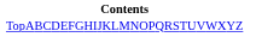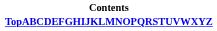 <table id="toc" border="0" style="text-align:center;">
 <tr>
 <th>Contents</th>
 </tr>
 <tr>
-<td><a href='#'>Top</a><a href='#'>A</a><a href='#'>B</a><a href='#'>C</a><a href='#'>D</a><a href='#'>E</a><a href='#'>F</a><a href='#'>G</a><a href='#'>H</a><a href='#'>I</a><a href='#'>J</a><a href='#'>K</a><a href='#'>L</a><a href='#'>M</a><a href='#'>N</a><a href='#'>O</a><a href='#'>P</a><a href='#'>Q</a><a href='#'>R</a><a href='#'>S</a><a href='#'>T</a><a href='#'>U</a><a href='#'>V</a><a href='#'>W</a><a href='#'>X</a><a href='#'>Y</a><a href='#'>Z</a> </td>
+<td><strong><a href='#'>Top</a><a href='#'>A</a><a href='#'>B</a><a href='#'>C</a><a href='#'>D</a><a href='#'>E</a><a href='#'>F</a><a href='#'>G</a><a href='#'>H</a><a href='#'>I</a><a href='#'>J</a><a href='#'>K</a><a href='#'>L</a><a href='#'>M</a><a href='#'>N</a><a href='#'>O</a><a href='#'>P</a><a href='#'>Q</a><a href='#'>R</a><a href='#'>S</a><a href='#'>T</a><a href='#'>U</a><a href='#'>V</a><a href='#'>W</a><a href='#'>X</a><a href='#'>Y</a><a href='#'>Z</a> </strong></td>
 </tr>
 </table>
